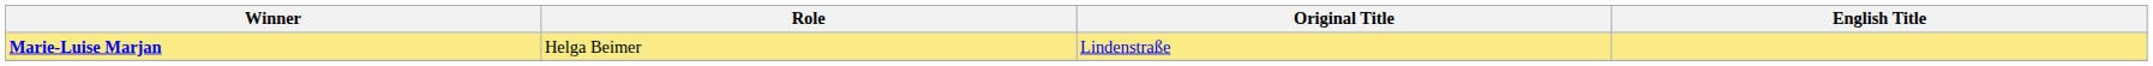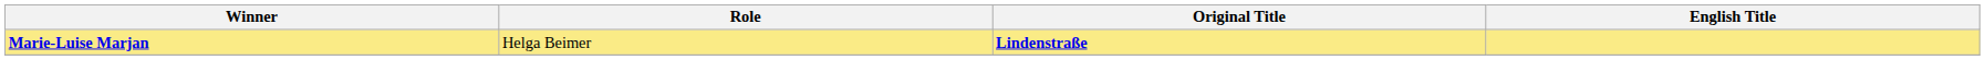 <table class="wikitable" width="100%">
 <tr bgcolor="#bebebe">
 <th width="25%">Winner</th>
 <th width="25%">Role</th>
 <th width="25%">Original Title</th>
 <th width="25%">English Title</th>
 </tr>
 <tr style="background:#FAEB86">
 <td><strong><a href='#'>Marie-Luise Marjan</a></strong></td>
 <td>Helga Beimer</td>
-<td><a href='#'>Lindenstraße</a></td>
+<td><strong><a href='#'>Lindenstraße</a></strong></td>
 <td></td>
 </tr>
 <tr>
 </tr>
 </table>
